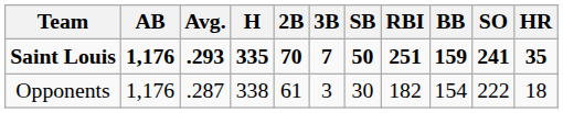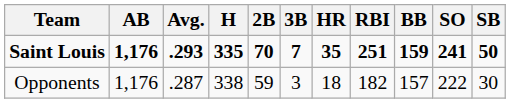 <table class="wikitable sortable">
 <tr>
 <th>Team</th>
 <th>AB</th>
 <th>Avg.</th>
 <th>H</th>
 <th>2B</th>
 <th>3B</th>
-<th>SB</th>
+<th>HR</th>
 <th>RBI</th>
 <th>BB</th>
 <th>SO</th>
-<th>HR</th>
+<th>SB</th>
 </tr>
 <tr style="text-align:center;">
 <td><strong>Saint Louis</strong></td>
 <td><strong>1,176</strong></td>
 <td><strong>.293</strong></td>
 <td><strong>335</strong></td>
 <td><strong>70</strong></td>
 <td><strong>7</strong></td>
-<td><strong>50</strong></td>
+<td><strong>35</strong></td>
 <td><strong>251</strong></td>
 <td><strong>159</strong></td>
 <td><strong>241</strong></td>
-<td><strong>35</strong></td>
+<td><strong>50</strong></td>
 </tr>
 <tr style="text-align:center;">
 <td>Opponents</td>
 <td>1,176</td>
 <td>.287</td>
 <td>338</td>
-<td>61</td>
+<td>59</td>
 <td>3</td>
+<td>18</td>
+<td>182</td>
+<td>157</td>
+<td>222</td>
 <td>30</td>
-<td>182</td>
-<td>154</td>
-<td>222</td>
-<td>18</td>
 </tr>
 </table>
